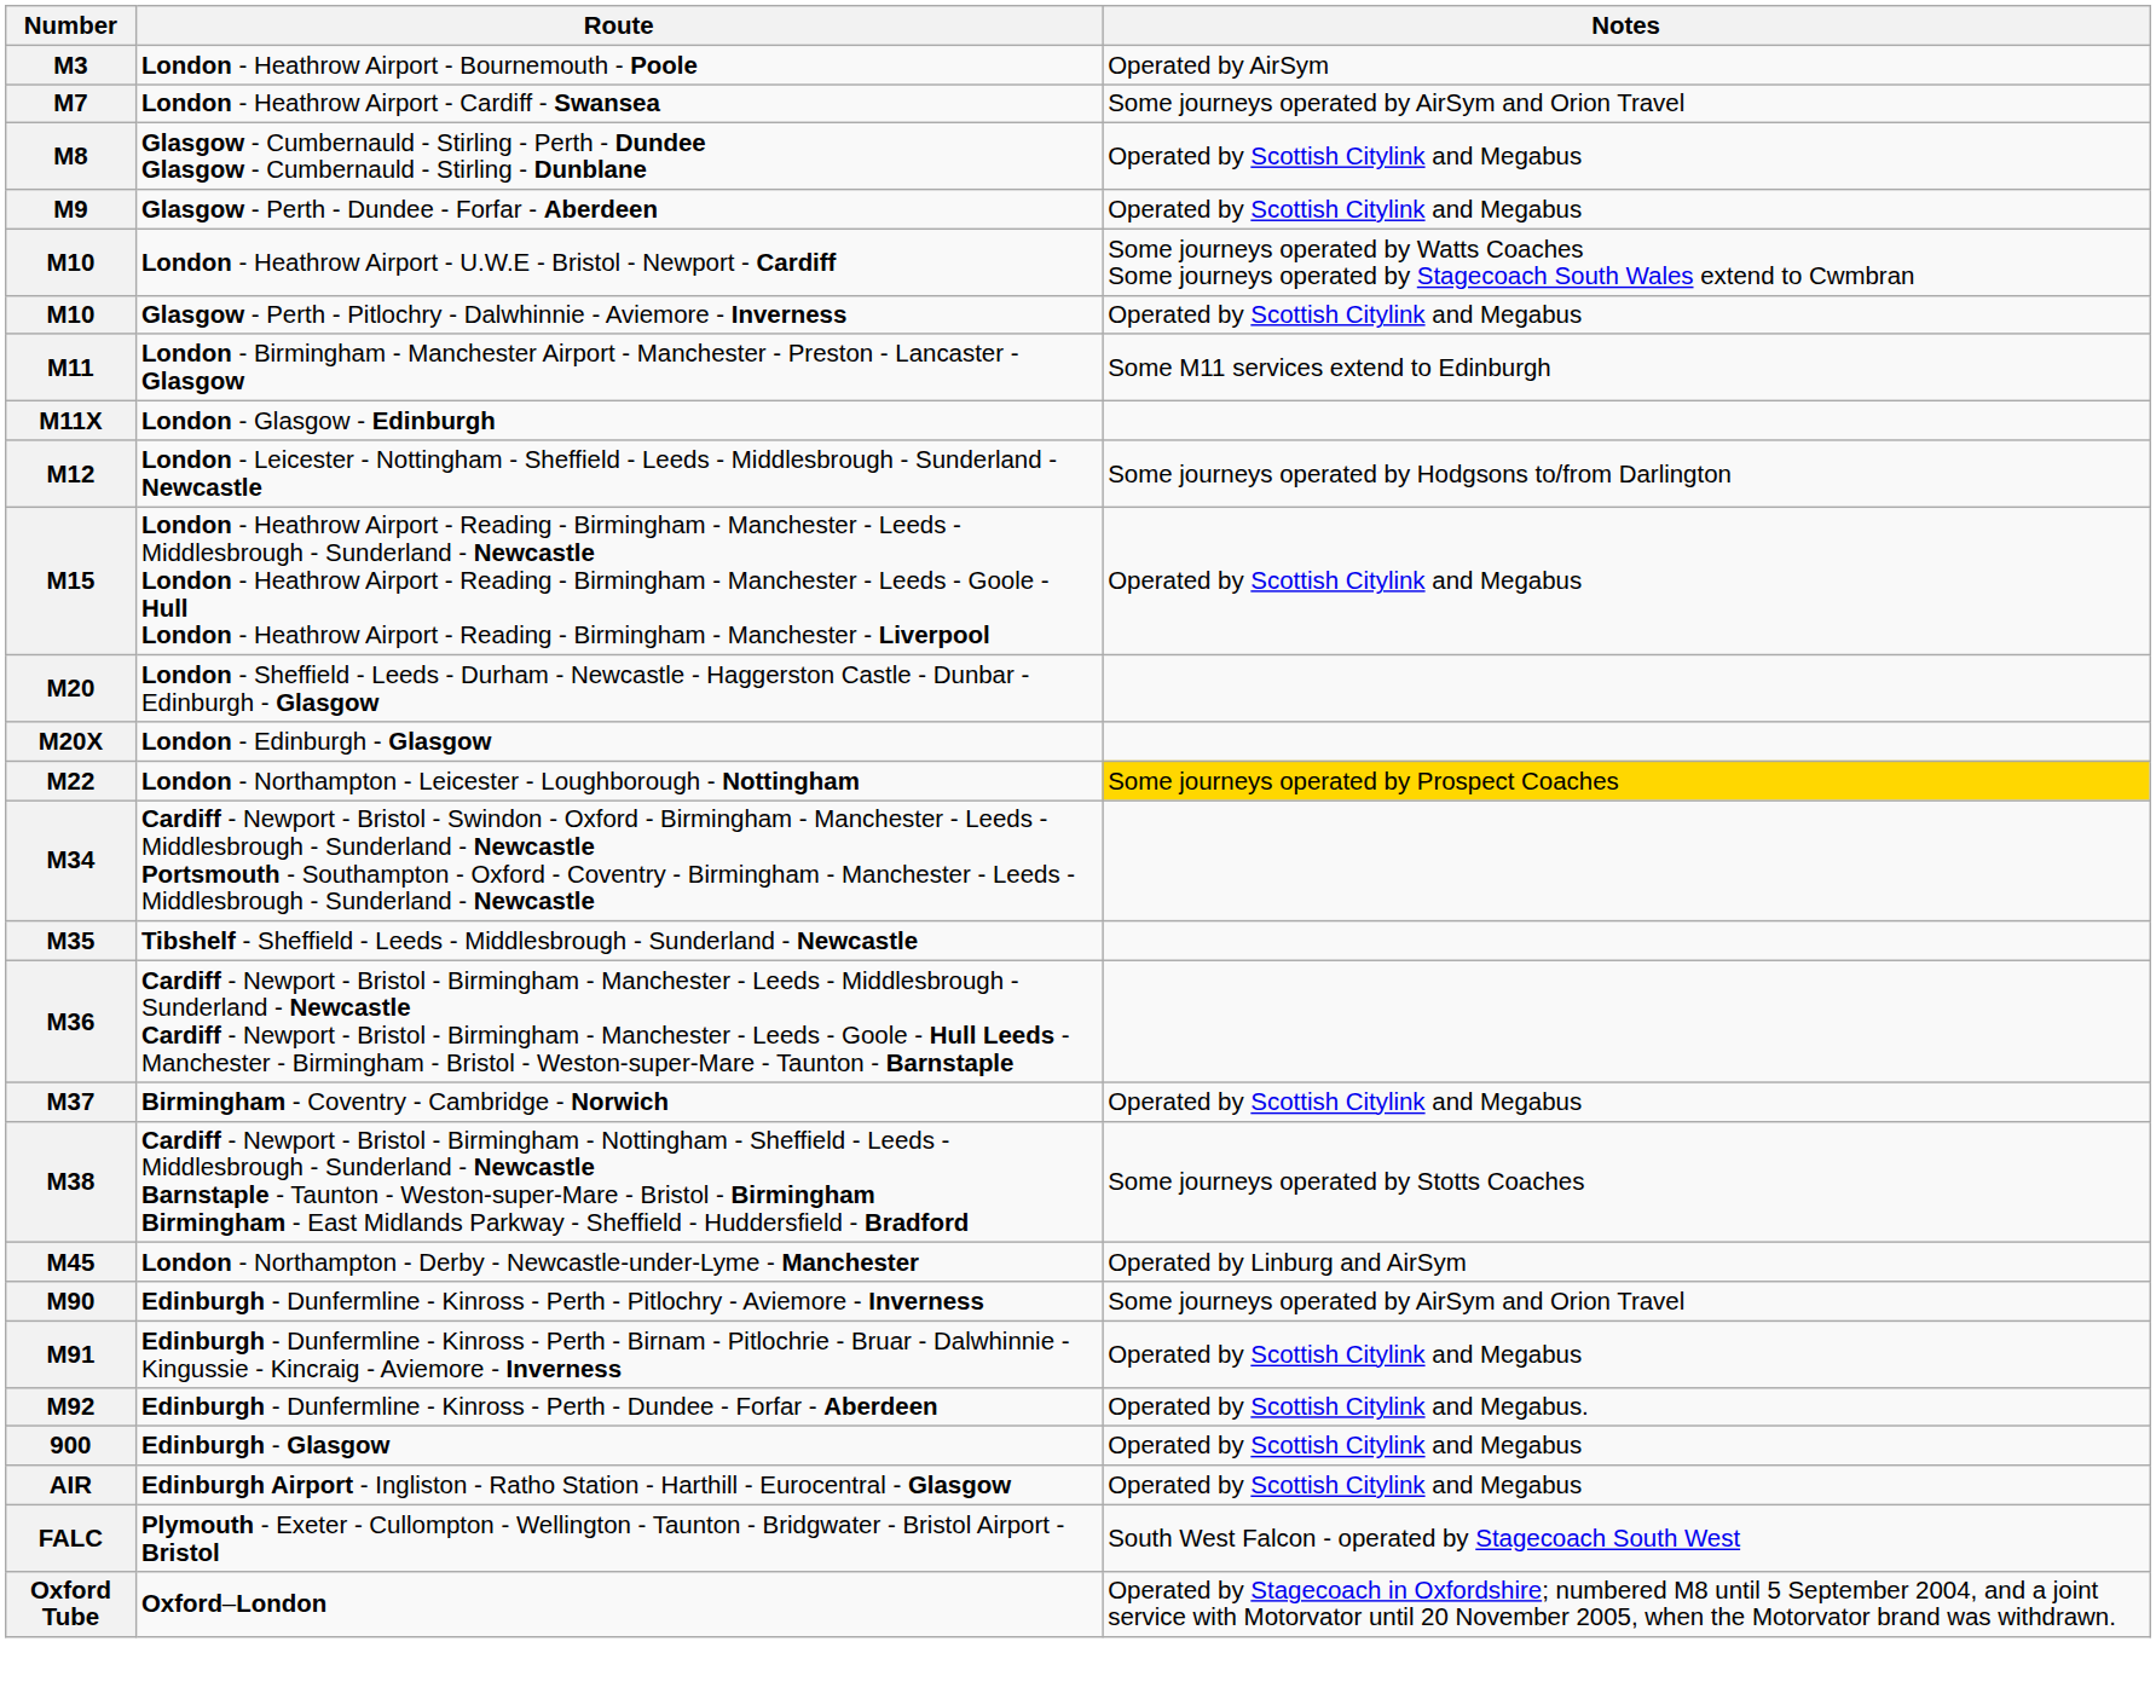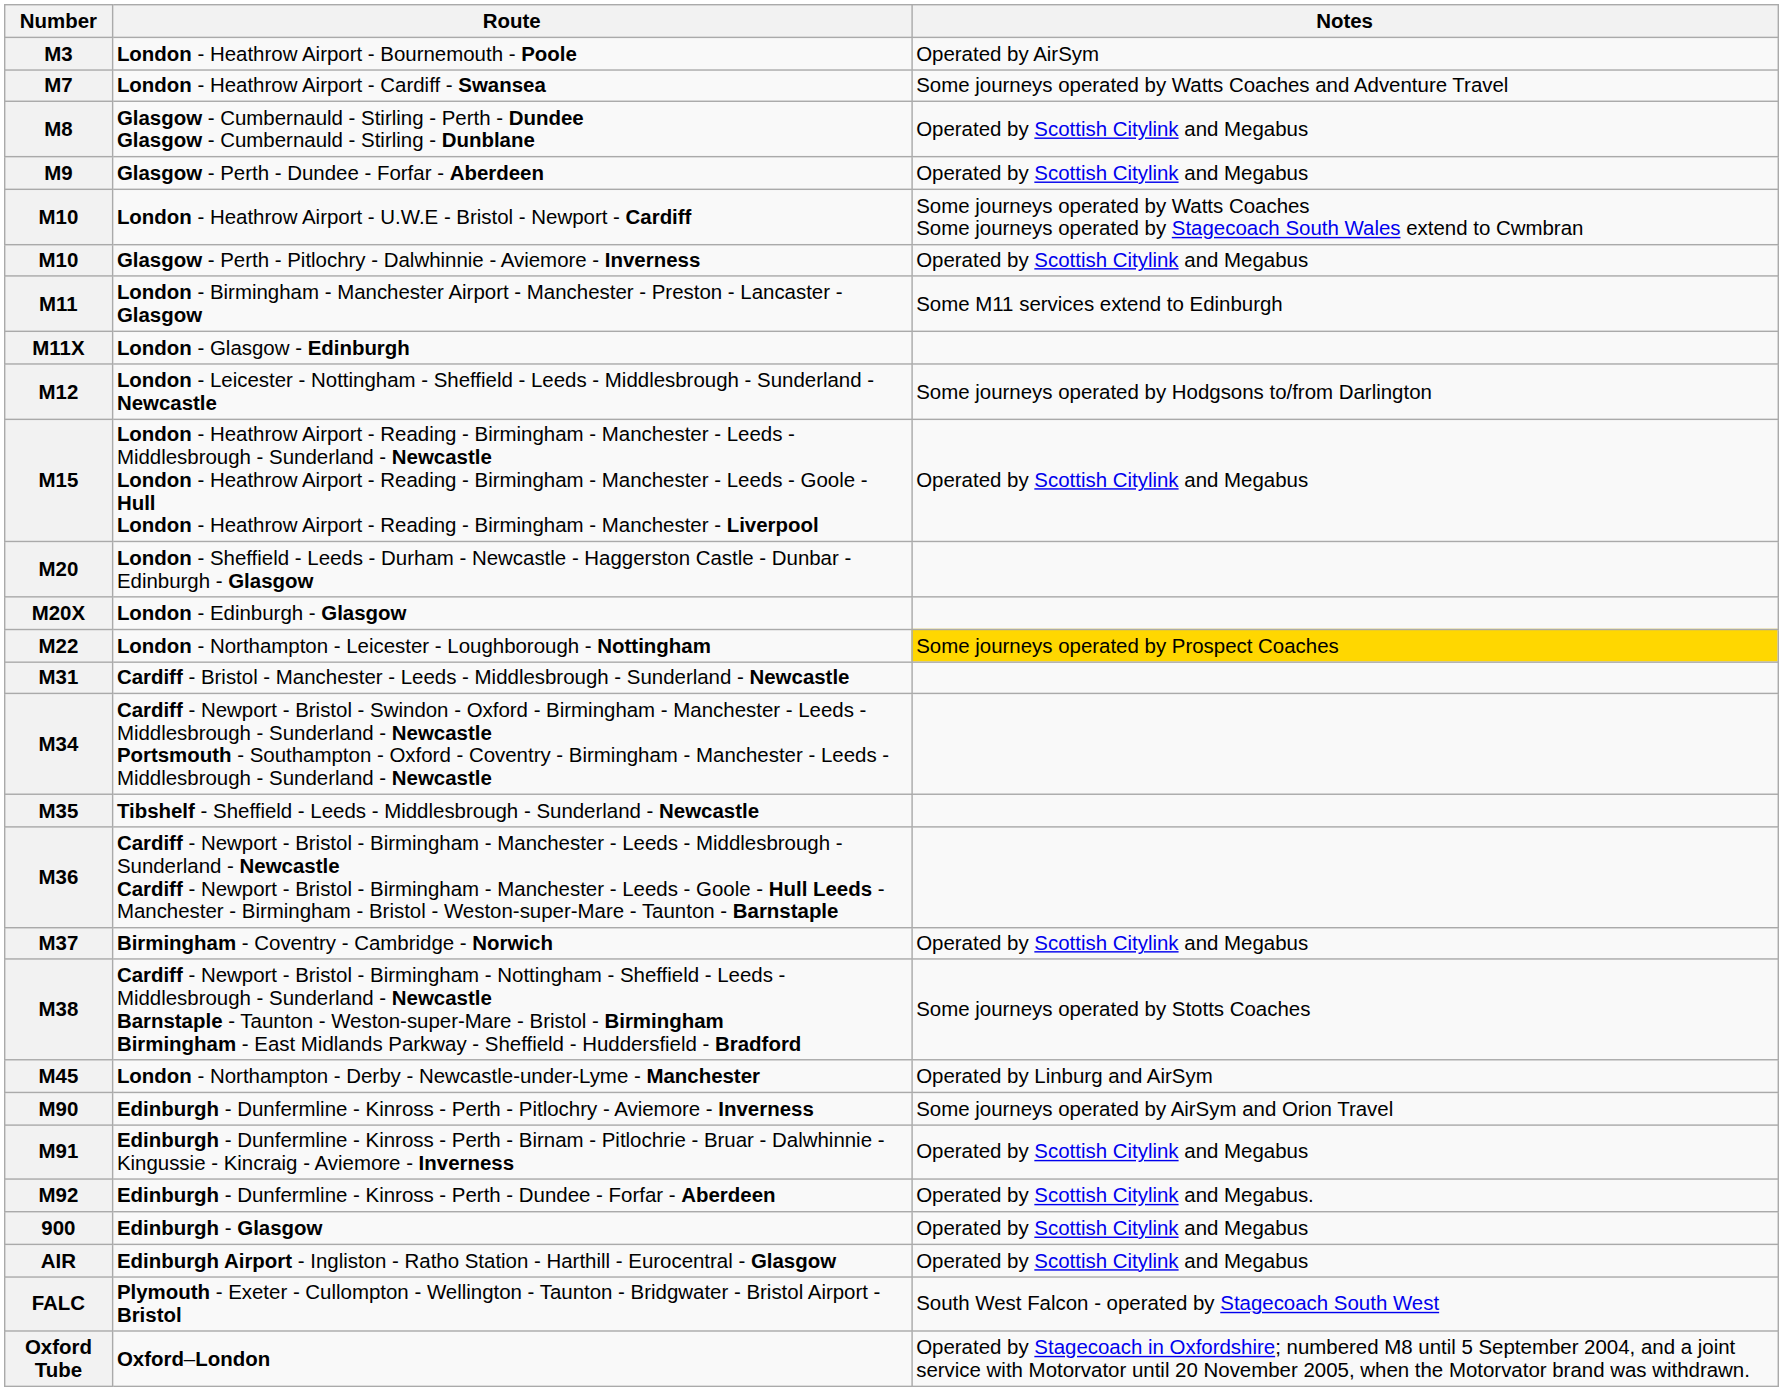 <table class="wikitable" style="font-size: 90%;">
 <tr>
 <th>Number</th>
 <th>Route</th>
 <th>Notes</th>
 </tr>
 <tr>
 <th>M3</th>
 <td><strong>London</strong> - Heathrow Airport - Bournemouth - <strong>Poole</strong></td>
 <td>Operated by AirSym</td>
 </tr>
 <tr>
 <th>M7</th>
 <td><strong>London</strong> - Heathrow Airport - Cardiff - <strong>Swansea</strong></td>
-<td>Some journeys operated by AirSym and Orion Travel</td>
+<td>Some journeys operated by Watts Coaches and Adventure Travel</td>
 </tr>
 <tr>
 <th>M8</th>
 <td><strong>Glasgow</strong> - Cumbernauld - Stirling - Perth - <strong>Dundee</strong><br><strong>Glasgow</strong> - Cumbernauld - Stirling - <strong>Dunblane</strong></td>
 <td>Operated by <a href='#'>Scottish Citylink</a> and Megabus</td>
 </tr>
 <tr>
 <th>M9</th>
 <td><strong>Glasgow</strong> - Perth - Dundee - Forfar - <strong>Aberdeen</strong></td>
 <td>Operated by <a href='#'>Scottish Citylink</a> and Megabus</td>
 </tr>
 <tr>
 <th>M10</th>
 <td><strong>London</strong> - Heathrow Airport - U.W.E - Bristol - Newport - <strong>Cardiff</strong></td>
 <td>Some journeys operated by Watts Coaches<br>Some journeys operated by <a href='#'>Stagecoach South Wales</a> extend to Cwmbran</td>
 </tr>
 <tr>
 <th>M10</th>
 <td><strong>Glasgow</strong> - Perth - Pitlochry - Dalwhinnie - Aviemore - <strong>Inverness</strong></td>
 <td>Operated by <a href='#'>Scottish Citylink</a> and Megabus</td>
 </tr>
 <tr>
 <th>M11</th>
 <td><strong>London</strong> - Birmingham - Manchester Airport - Manchester - Preston - Lancaster - <strong>Glasgow</strong></td>
 <td>Some M11 services extend to Edinburgh</td>
 </tr>
 <tr>
 <th>M11X</th>
 <td><strong>London</strong> - Glasgow - <strong>Edinburgh</strong></td>
 <td></td>
 </tr>
 <tr>
 <th>M12</th>
 <td><strong>London</strong> - Leicester - Nottingham - Sheffield - Leeds - Middlesbrough - Sunderland - <strong>Newcastle</strong></td>
 <td>Some journeys operated by Hodgsons to/from Darlington</td>
 </tr>
 <tr>
 <th>M15</th>
 <td><strong>London</strong> - Heathrow Airport - Reading - Birmingham - Manchester - Leeds - Middlesbrough - Sunderland - <strong>Newcastle</strong><br><strong>London</strong> - Heathrow Airport - Reading - Birmingham - Manchester - Leeds - Goole - <strong>Hull</strong><br><strong>London</strong> - Heathrow Airport - Reading - Birmingham - Manchester - <strong>Liverpool</strong></td>
 <td>Operated by <a href='#'>Scottish Citylink</a> and Megabus</td>
 </tr>
 <tr>
 <th>M20</th>
 <td><strong>London</strong> - Sheffield - Leeds - Durham - Newcastle - Haggerston Castle - Dunbar - Edinburgh - <strong>Glasgow</strong></td>
 <td></td>
 </tr>
 <tr>
 <th>M20X</th>
 <td><strong>London</strong> - Edinburgh - <strong>Glasgow</strong></td>
 <td></td>
 </tr>
 <tr>
 <th>M22</th>
 <td><strong>London</strong> - Northampton - Leicester - Loughborough - <strong>Nottingham</strong></td>
 <td style="background: gold;">Some journeys operated by Prospect Coaches</td>
+</tr>
+<tr>
+<th>M31</th>
+<td><strong>Cardiff</strong> - Bristol - Manchester - Leeds - Middlesbrough - Sunderland - <strong>Newcastle</strong></td>
+<td></td>
 </tr>
 <tr>
 <th>M34</th>
 <td><strong>Cardiff</strong> - Newport - Bristol - Swindon - Oxford - Birmingham - Manchester - Leeds - Middlesbrough - Sunderland - <strong>Newcastle</strong><br><strong>Portsmouth</strong> - Southampton - Oxford - Coventry - Birmingham - Manchester - Leeds - Middlesbrough - Sunderland - <strong>Newcastle</strong></td>
 <td></td>
 </tr>
 <tr>
 <th>M35</th>
 <td><strong>Tibshelf</strong> - Sheffield - Leeds - Middlesbrough - Sunderland - <strong>Newcastle</strong></td>
 <td></td>
 </tr>
 <tr>
 <th>M36</th>
 <td><strong>Cardiff</strong> - Newport - Bristol - Birmingham - Manchester - Leeds - Middlesbrough - Sunderland - <strong>Newcastle</strong><br><strong>Cardiff</strong> - Newport - Bristol - Birmingham - Manchester - Leeds - Goole - <strong>Hull</strong> <strong>Leeds</strong> - Manchester - Birmingham - Bristol - Weston-super-Mare - Taunton - <strong>Barnstaple</strong></td>
 <td></td>
 </tr>
 <tr>
 <th>M37</th>
 <td><strong>Birmingham</strong> - Coventry - Cambridge - <strong>Norwich</strong></td>
 <td>Operated by <a href='#'>Scottish Citylink</a> and Megabus</td>
 </tr>
 <tr>
 <th>M38</th>
 <td><strong>Cardiff</strong> - Newport - Bristol - Birmingham - Nottingham - Sheffield - Leeds - Middlesbrough - Sunderland - <strong>Newcastle</strong><br><strong>Barnstaple</strong> - Taunton - Weston-super-Mare - Bristol - <strong>Birmingham</strong><br><strong>Birmingham</strong> - East Midlands Parkway - Sheffield - Huddersfield - <strong>Bradford</strong></td>
 <td>Some journeys operated by Stotts Coaches</td>
 </tr>
 <tr>
 <th>M45</th>
 <td><strong>London</strong> - Northampton - Derby - Newcastle-under-Lyme - <strong>Manchester</strong></td>
 <td>Operated by Linburg and AirSym</td>
 </tr>
 <tr>
 <th>M90</th>
 <td><strong>Edinburgh</strong> - Dunfermline - Kinross - Perth - Pitlochry - Aviemore -  <strong>Inverness</strong></td>
 <td>Some journeys operated by AirSym and Orion Travel</td>
 </tr>
 <tr>
 <th>M91</th>
 <td><strong>Edinburgh</strong> - Dunfermline - Kinross - Perth - Birnam - Pitlochrie - Bruar - Dalwhinnie - Kingussie - Kincraig - Aviemore - <strong>Inverness</strong></td>
 <td>Operated by <a href='#'>Scottish Citylink</a> and Megabus</td>
 </tr>
 <tr>
 <th>M92</th>
 <td><strong>Edinburgh</strong> - Dunfermline - Kinross - Perth - Dundee - Forfar - <strong>Aberdeen</strong></td>
 <td>Operated by <a href='#'>Scottish Citylink</a> and Megabus.</td>
 </tr>
 <tr>
 <th>900</th>
 <td><strong>Edinburgh</strong> - <strong>Glasgow</strong></td>
 <td>Operated by <a href='#'>Scottish Citylink</a> and Megabus</td>
 </tr>
 <tr>
 <th>AIR</th>
 <td><strong>Edinburgh Airport</strong> - Ingliston - Ratho Station - Harthill - Eurocentral - <strong>Glasgow</strong></td>
 <td>Operated by <a href='#'>Scottish Citylink</a> and Megabus</td>
 </tr>
 <tr>
 <th>FALC</th>
 <td><strong>Plymouth</strong> - Exeter - Cullompton - Wellington - Taunton - Bridgwater - Bristol Airport - <strong>Bristol</strong></td>
 <td>South West Falcon - operated by <a href='#'>Stagecoach South West</a></td>
 </tr>
 <tr>
 <th>Oxford Tube</th>
 <td><strong>Oxford</strong>–<strong>London</strong></td>
 <td>Operated by <a href='#'>Stagecoach in Oxfordshire</a>; numbered M8 until 5 September 2004, and a joint service with Motorvator until 20 November 2005, when the Motorvator brand was withdrawn.</td>
 </tr>
 </table>
